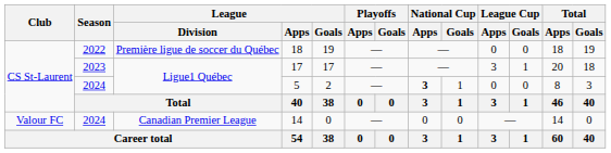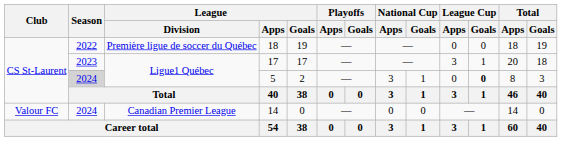 <table class="wikitable" style="text-align:center">
 <tr>
 <th rowspan="2">Club</th>
 <th rowspan="2">Season</th>
 <th colspan="3">League</th>
 <th colspan="2">Playoffs</th>
 <th colspan="2">National Cup</th>
 <th colspan="2">League Cup</th>
 <th colspan="2">Total</th>
 </tr>
 <tr>
 <th>Division</th>
 <th>Apps</th>
 <th>Goals</th>
 <th>Apps</th>
 <th>Goals</th>
 <th>Apps</th>
 <th>Goals</th>
 <th>Apps</th>
 <th>Goals</th>
 <th>Apps</th>
 <th>Goals</th>
 </tr>
 <tr>
 <td rowspan="4"><a href='#'>CS St-Laurent</a></td>
 <td><a href='#'>2022</a></td>
 <td><a href='#'>Première ligue de soccer du Québec</a></td>
 <td>18</td>
 <td>19</td>
 <td colspan="2">—</td>
 <td colspan="2">—</td>
 <td>0</td>
 <td>0</td>
 <td>18</td>
 <td>19</td>
 </tr>
 <tr>
 <td><a href='#'>2023</a></td>
 <td rowspan=2><a href='#'>Ligue1 Québec</a></td>
 <td>17</td>
 <td>17</td>
 <td colspan="2">—</td>
 <td colspan="2">—</td>
 <td>3</td>
 <td>1</td>
 <td>20</td>
 <td>18</td>
 </tr>
 <tr>
-<td><a href='#'>2024</a></td>
+<td style="background: lightgrey;"><a href='#'>2024</a></td>
 <td>5</td>
 <td>2</td>
 <td colspan="2">—</td>
-<td><strong>3</strong></td>
+<td>3</td>
 <td>1</td>
 <td>0</td>
-<td>0</td>
+<td><strong>0</strong></td>
 <td>8</td>
 <td>3</td>
 </tr>
 <tr>
 <th colspan="2">Total</th>
 <th>40</th>
 <th>38</th>
 <th>0</th>
 <th>0</th>
 <th>3</th>
 <th>1</th>
 <th>3</th>
 <th>1</th>
 <th>46</th>
 <th>40</th>
 </tr>
 <tr>
 <td><a href='#'>Valour FC</a></td>
 <td><a href='#'>2024</a></td>
 <td><a href='#'>Canadian Premier League</a></td>
 <td>14</td>
 <td>0</td>
 <td colspan="2">—</td>
 <td>0</td>
 <td>0</td>
 <td colspan="2">—</td>
 <td>14</td>
 <td>0</td>
 </tr>
 <tr>
 <th colspan="3">Career total</th>
 <th>54</th>
 <th>38</th>
 <th>0</th>
 <th>0</th>
 <th>3</th>
 <th>1</th>
 <th>3</th>
 <th>1</th>
 <th>60</th>
 <th>40</th>
 </tr>
 </table>
